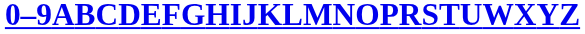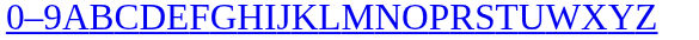 <table id="toc" class="toc" summary="Class">
 <tr>
 <th></th>
 </tr>
 <tr>
-<td style="text-align:center;"><strong><a href='#'>0–9</a><a href='#'>A</a><a href='#'>B</a><a href='#'>C</a><a href='#'>D</a><a href='#'>E</a><a href='#'>F</a><a href='#'>G</a><a href='#'>H</a><a href='#'>I</a><a href='#'>J</a><a href='#'>K</a><a href='#'>L</a><a href='#'>M</a><a href='#'>N</a><a href='#'>O</a><a href='#'>P</a><a href='#'>R</a><a href='#'>S</a><a href='#'>T</a><a href='#'>U</a><a href='#'>W</a><a href='#'>X</a><a href='#'>Y</a><a href='#'>Z</a></strong></td>
+<td style="text-align:center;"><a href='#'>0–9</a><a href='#'>A</a><a href='#'>B</a><a href='#'>C</a><a href='#'>D</a><a href='#'>E</a><a href='#'>F</a><a href='#'>G</a><a href='#'>H</a><a href='#'>I</a><a href='#'>J</a><a href='#'>K</a><a href='#'>L</a><a href='#'>M</a><a href='#'>N</a><a href='#'>O</a><a href='#'>P</a><a href='#'>R</a><a href='#'>S</a><a href='#'>T</a><a href='#'>U</a><a href='#'>W</a><a href='#'>X</a><a href='#'>Y</a><a href='#'>Z</a></td>
 </tr>
 </table>
